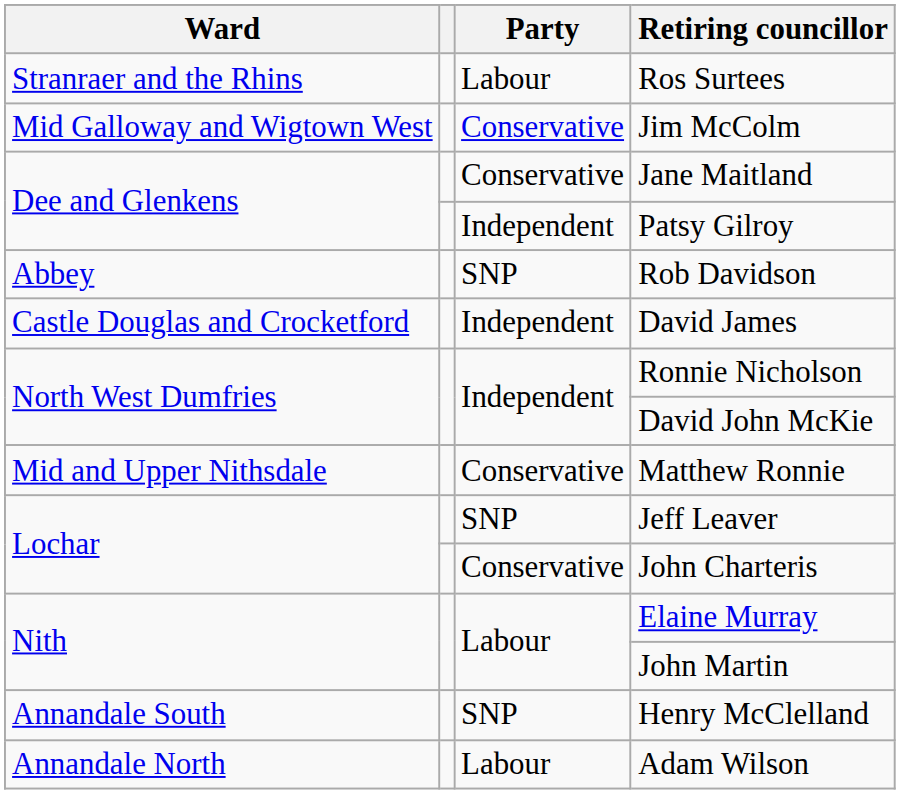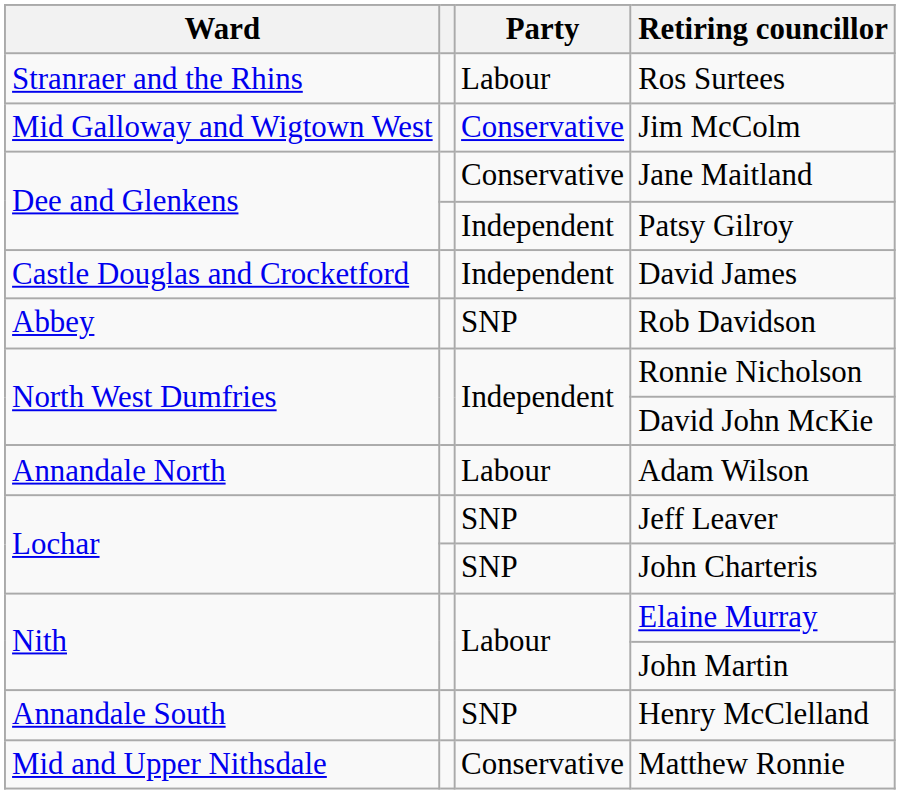 <table class="wikitable sortable">
 <tr>
 <th scope="col">Ward</th>
 <th class="unsortable"></th>
 <th scope="col">Party</th>
 <th scope="col">Retiring councillor</th>
 </tr>
 <tr>
 <td scope="row"><a href='#'>Stranraer and the Rhins</a></td>
 <td style="background-color: "></td>
 <td>Labour</td>
 <td>Ros Surtees</td>
 </tr>
 <tr>
 <td scope="row"><a href='#'>Mid Galloway and Wigtown West</a></td>
 <td style="background-color: "></td>
 <td><a href='#'>Conservative</a></td>
 <td>Jim McColm</td>
 </tr>
 <tr>
 <td scope="row" rowspan="2"><a href='#'>Dee and Glenkens</a></td>
 <td style="background-color: "></td>
 <td>Conservative</td>
 <td>Jane Maitland</td>
 </tr>
 <tr>
 <td style="background-color: "></td>
 <td>Independent</td>
 <td>Patsy Gilroy</td>
 </tr>
 <tr>
+<td scope="row"><a href='#'>Castle Douglas and Crocketford</a></td>
+<td style="background-color: "></td>
+<td>Independent</td>
+<td>David James</td>
+</tr>
+<tr>
 <td scope="row"><a href='#'>Abbey</a></td>
 <td style="background-color: "></td>
 <td>SNP</td>
 <td>Rob Davidson</td>
-</tr>
-<tr>
-<td scope="row"><a href='#'>Castle Douglas and Crocketford</a></td>
-<td style="background-color: "></td>
-<td>Independent</td>
-<td>David James</td>
 </tr>
 <tr>
 <td scope="row" rowspan="2"><a href='#'>North West Dumfries</a></td>
 <td rowspan="2" style="background-color: "></td>
 <td rowspan="2">Independent</td>
 <td>Ronnie Nicholson</td>
 </tr>
 <tr>
 <td>David John McKie</td>
 </tr>
 <tr>
-<td scope="row"><a href='#'>Mid and Upper Nithsdale</a></td>
+<td scope="row"><a href='#'>Annandale North</a></td>
 <td style="background-color: "></td>
-<td>Conservative</td>
-<td>Matthew Ronnie</td>
+<td>Labour</td>
+<td>Adam Wilson</td>
 </tr>
 <tr>
 <td scope="row" rowspan="2"><a href='#'>Lochar</a></td>
 <td style="background-color: "></td>
 <td>SNP</td>
 <td>Jeff Leaver</td>
 </tr>
 <tr>
 <td style="background-color: "></td>
-<td>Conservative</td>
+<td>SNP</td>
 <td>John Charteris</td>
 </tr>
 <tr>
 <td scope="row" rowspan="2"><a href='#'>Nith</a></td>
 <td rowspan="2" style="background-color: "></td>
 <td rowspan="2">Labour</td>
 <td><a href='#'>Elaine Murray</a></td>
 </tr>
 <tr>
 <td>John Martin</td>
 </tr>
 <tr>
 <td scope="row"><a href='#'>Annandale South</a></td>
 <td style="background-color: "></td>
 <td>SNP</td>
 <td>Henry McClelland</td>
 </tr>
 <tr>
-<td scope="row"><a href='#'>Annandale North</a></td>
+<td scope="row"><a href='#'>Mid and Upper Nithsdale</a></td>
 <td style="background-color: "></td>
-<td>Labour</td>
-<td>Adam Wilson</td>
+<td>Conservative</td>
+<td>Matthew Ronnie</td>
 </tr>
 </table>
